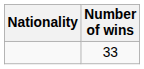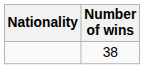 <table class="wikitable">
 <tr style="background:#efefef;">
 <th>Nationality</th>
 <th>Number<br>of wins</th>
 </tr>
 <tr>
 <td></td>
-<td align=center>33</td>
+<td align=center>38</td>
 </tr>
 </table>
